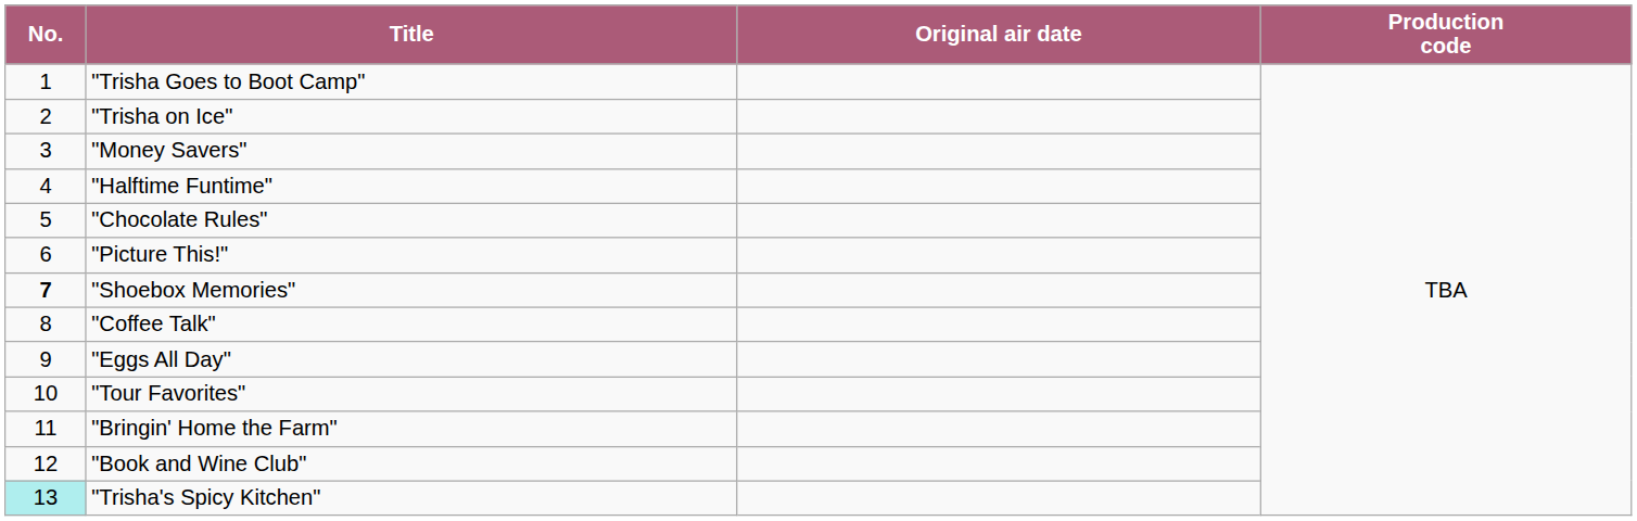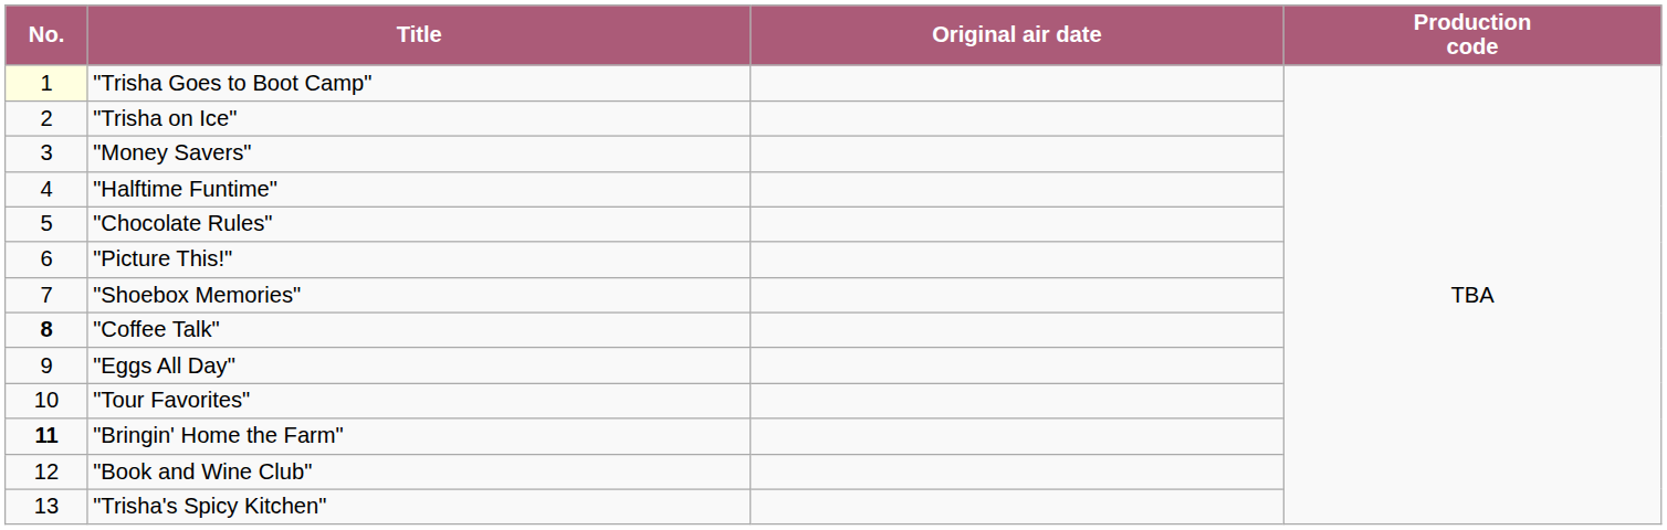 <table class="wikitable plainrowheaders" style="width:60%;">
 <tr>
 <th style="background-color: #ab5b78; color: #FFFFFF;" width=5%>No.</th>
 <th style="background-color: #ab5b78; color: #FFFFFF;" width=40%>Title</th>
 <th style="background-color: #ab5b78; color: #FFFFFF;">Original air date</th>
 <th style="background-color: #ab5b78; color: #FFFFFF;">Production<br>code</th>
 </tr>
 <tr>
-<td align=center>1</td>
+<td align=center style="background: lightyellow;">1</td>
 <td>"Trisha Goes to Boot Camp"</td>
 <td align=center></td>
 <td align=center rowspan=13>TBA</td>
 </tr>
 <tr>
 <td align=center>2</td>
 <td>"Trisha on Ice"</td>
 <td align=center></td>
 </tr>
 <tr>
 <td align=center>3</td>
 <td>"Money Savers"</td>
 <td align=center></td>
 </tr>
 <tr>
 <td align=center>4</td>
 <td>"Halftime Funtime"</td>
 <td align=center></td>
 </tr>
 <tr>
 <td align=center>5</td>
 <td>"Chocolate Rules"</td>
 <td align=center></td>
 </tr>
 <tr>
 <td align=center>6</td>
 <td>"Picture This!"</td>
 <td align=center></td>
 </tr>
 <tr>
-<td align=center><strong>7</strong></td>
+<td align=center>7</td>
 <td>"Shoebox Memories"</td>
 <td align=center></td>
 </tr>
 <tr>
-<td align=center>8</td>
+<td align=center><strong>8</strong></td>
 <td>"Coffee Talk"</td>
 <td align=center></td>
 </tr>
 <tr>
 <td align=center>9</td>
 <td>"Eggs All Day"</td>
 <td align=center></td>
 </tr>
 <tr>
 <td align=center>10</td>
 <td>"Tour Favorites"</td>
 <td align=center></td>
 </tr>
 <tr>
-<td align=center>11</td>
+<td align=center><strong>11</strong></td>
 <td>"Bringin' Home the Farm"</td>
 <td align=center></td>
 </tr>
 <tr>
 <td align=center>12</td>
 <td>"Book and Wine Club"</td>
 <td align=center></td>
 </tr>
 <tr>
-<td align=center style="background: paleturquoise;">13</td>
+<td align=center>13</td>
 <td>"Trisha's Spicy Kitchen"</td>
 <td align=center></td>
 </tr>
 </table>
